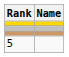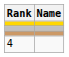 <table class="wikitable">
 <tr>
 <th>Rank</th>
 <th>Name</th>
 </tr>
 <tr style="background:gold;">
 <td></td>
 <td></td>
 </tr>
 <tr style="background:silver;">
 <td></td>
 <td></td>
 </tr>
 <tr style="background:#cc9966;">
 <td></td>
 <td></td>
 </tr>
 <tr>
-<td>5</td>
+<td>4</td>
 <td></td>
 </tr>
 </table>
